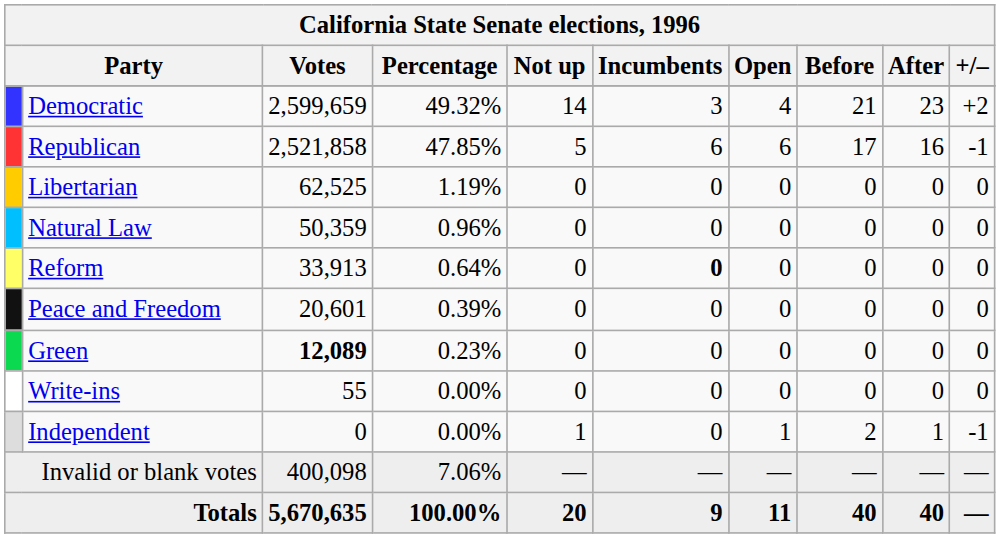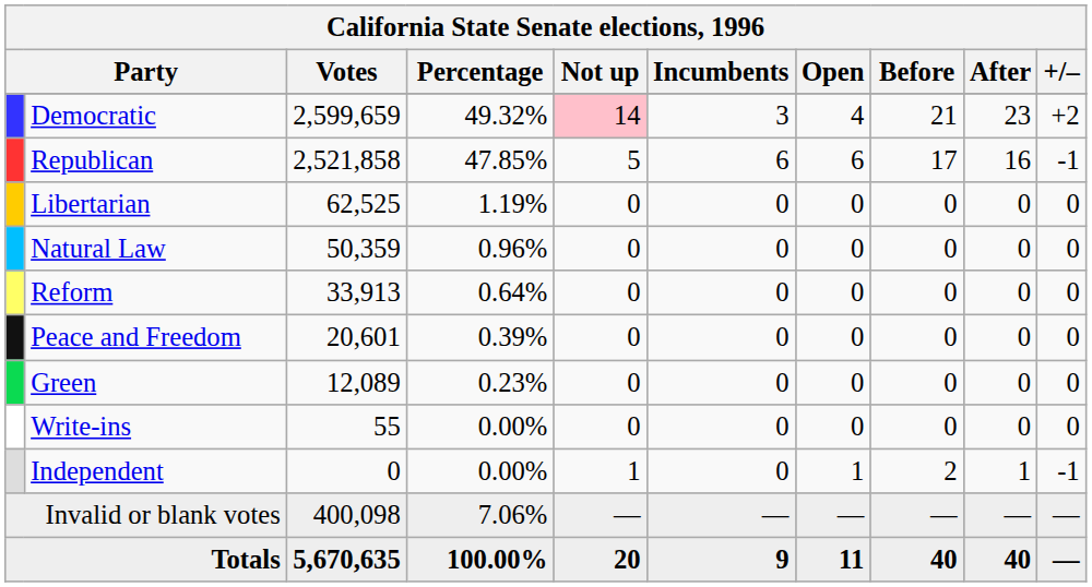 <table class="wikitable" style="font-size:95%;">
 <tr>
 <th colspan="10">California State Senate elections, 1996</th>
 </tr>
 <tr>
 <th colspan=2 style="width: 10em">Party</th>
 <th style="width: 4em">Votes</th>
 <th style="width: 5em">Percentage</th>
 <th style="width: 3em">Not up</th>
 <th style="width: 5em">Incumbents</th>
 <th style="width: 2em">Open</th>
 <th style="width: 3em">Before</th>
 <th style="width: 2em">After</th>
 <th style="width: 1em">+/–</th>
 </tr>
 <tr>
 </tr>
 <tr>
 <th style="background-color:#3333FF; width: 3px"></th>
 <td style="width: 130px"><a href='#'>Democratic</a></td>
 <td align="right">2,599,659</td>
 <td align="right">49.32%</td>
-<td align="right">14</td>
+<td align="right" style="background: pink;">14</td>
 <td align="right">3</td>
 <td align="right">4</td>
 <td align="right">21</td>
 <td align="right">23</td>
 <td align="right">+2</td>
 </tr>
 <tr>
 <th style="background-color:#FF3333; width: 3px"></th>
 <td style="width: 130px"><a href='#'>Republican</a></td>
 <td align="right">2,521,858</td>
 <td align="right">47.85%</td>
 <td align="right">5</td>
 <td align="right">6</td>
 <td align="right">6</td>
 <td align="right">17</td>
 <td align="right">16</td>
 <td align="right">-1</td>
 </tr>
 <tr>
 <th style="background-color:#FFCC00; width: 3px"></th>
 <td style="width: 130px"><a href='#'>Libertarian</a></td>
 <td align="right">62,525</td>
 <td align="right">1.19%</td>
 <td align="right">0</td>
 <td align="right">0</td>
 <td align="right">0</td>
 <td align="right">0</td>
 <td align="right">0</td>
 <td align="right">0</td>
 </tr>
 <tr>
 <th style="background-color:#00BFFF; width: 3px"></th>
 <td style="width: 130px"><a href='#'>Natural Law</a></td>
 <td align="right">50,359</td>
 <td align="right">0.96%</td>
 <td align="right">0</td>
 <td align="right">0</td>
 <td align="right">0</td>
 <td align="right">0</td>
 <td align="right">0</td>
 <td align="right">0</td>
 </tr>
 <tr>
 <th style="background-color:#FFFF66; width: 3px"></th>
 <td style="width: 130px"><a href='#'>Reform</a></td>
 <td align="right">33,913</td>
 <td align="right">0.64%</td>
 <td align="right">0</td>
-<td align="right"><strong>0</strong></td>
+<td align="right">0</td>
 <td align="right">0</td>
 <td align="right">0</td>
 <td align="right">0</td>
 <td align="right">0</td>
 </tr>
 <tr>
 <th style="background-color:#111111; width: 3px"></th>
 <td style="width: 130px"><a href='#'>Peace and Freedom</a></td>
 <td align="right">20,601</td>
 <td align="right">0.39%</td>
 <td align="right">0</td>
 <td align="right">0</td>
 <td align="right">0</td>
 <td align="right">0</td>
 <td align="right">0</td>
 <td align="right">0</td>
 </tr>
 <tr>
 <th style="background-color:#0BDA51; width: 3px"></th>
 <td style="width: 130px"><a href='#'>Green</a></td>
-<td align="right"><strong>12,089</strong></td>
+<td align="right">12,089</td>
 <td align="right">0.23%</td>
 <td align="right">0</td>
 <td align="right">0</td>
 <td align="right">0</td>
 <td align="right">0</td>
 <td align="right">0</td>
 <td align="right">0</td>
 </tr>
 <tr>
 <th style="background-color:#FFFFFF; width: 3px"></th>
 <td style="width: 130px"><a href='#'>Write-ins</a></td>
 <td align="right">55</td>
 <td align="right">0.00%</td>
 <td align="right">0</td>
 <td align="right">0</td>
 <td align="right">0</td>
 <td align="right">0</td>
 <td align="right">0</td>
 <td align="right">0</td>
 </tr>
 <tr>
 <th style="background-color:#DDDDDD; width: 3px"></th>
 <td style="width: 130px"><a href='#'>Independent</a></td>
 <td align="right">0</td>
 <td align="right">0.00%</td>
 <td align="right">1</td>
 <td align="right">0</td>
 <td align="right">1</td>
 <td align="right">2</td>
 <td align="right">1</td>
 <td align="right">-1</td>
 </tr>
 <tr bgcolor="#EEEEEE">
 <td colspan="2" align="right">Invalid or blank votes</td>
 <td align="right">400,098</td>
 <td align="right">7.06%</td>
 <td align="right">—</td>
 <td align="right">—</td>
 <td align="right">—</td>
 <td align="right">—</td>
 <td align="right">—</td>
 <td align="right">—</td>
 </tr>
 <tr bgcolor="#EEEEEE">
 <td colspan="2" align="right"><strong>Totals</strong></td>
 <td align="right"><strong>5,670,635</strong></td>
 <td align="right"><strong>100.00%</strong></td>
 <td align="right"><strong>20</strong></td>
 <td align="right"><strong>9</strong></td>
 <td align="right"><strong>11</strong></td>
 <td align="right"><strong>40</strong></td>
 <td align="right"><strong>40</strong></td>
 <td align="right"><strong>—</strong></td>
 </tr>
 </table>
